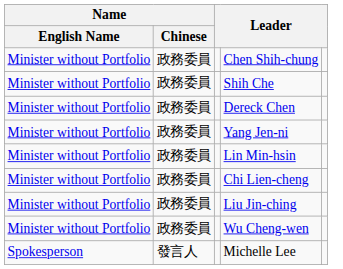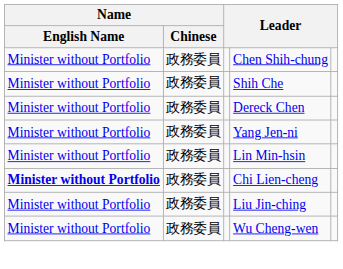 <table class="wikitable sortable">
 <tr>
 <th colspan="2">Name</th>
 <th colspan="3" rowspan="2">Leader</th>
 </tr>
 <tr>
 <th>English Name</th>
 <th>Chinese</th>
 </tr>
 <tr>
 <td><a href='#'>Minister without Portfolio</a></td>
 <td>政務委員</td>
 <td style="background:"></td>
 <td><a href='#'>Chen Shih-chung</a></td>
 <td></td>
 </tr>
 <tr>
 <td><a href='#'>Minister without Portfolio</a></td>
 <td>政務委員</td>
 <td style="background:"></td>
 <td><a href='#'>Shih Che</a></td>
 <td></td>
 </tr>
 <tr>
 <td><a href='#'>Minister without Portfolio</a></td>
 <td>政務委員</td>
 <td style="background:"></td>
 <td><a href='#'>Dereck Chen</a></td>
 <td></td>
 </tr>
 <tr>
 <td><a href='#'>Minister without Portfolio</a></td>
 <td>政務委員</td>
 <td style="background:"></td>
 <td><a href='#'>Yang Jen-ni</a></td>
 <td></td>
 </tr>
 <tr>
 <td><a href='#'>Minister without Portfolio</a></td>
 <td>政務委員</td>
 <td style="background:"></td>
 <td><a href='#'>Lin Min-hsin</a></td>
 <td></td>
 </tr>
 <tr>
-<td><a href='#'>Minister without Portfolio</a></td>
+<td><strong><a href='#'>Minister without Portfolio</a></strong></td>
 <td>政務委員</td>
 <td style="background:"></td>
 <td><a href='#'>Chi Lien-cheng</a></td>
 <td></td>
 </tr>
 <tr>
 <td><a href='#'>Minister without Portfolio</a></td>
 <td>政務委員</td>
 <td style="background:"></td>
 <td><a href='#'>Liu Jin-ching</a></td>
 <td></td>
 </tr>
 <tr>
 <td><a href='#'>Minister without Portfolio</a></td>
 <td>政務委員</td>
 <td style="background:"></td>
 <td><a href='#'>Wu Cheng-wen</a></td>
 <td></td>
 </tr>
-<tr>
-<td><a href='#'>Spokesperson</a></td>
-<td>發言人</td>
-<td style="background:"></td>
-<td>Michelle Lee</td>
-<td></td>
-</tr>
 </table>
